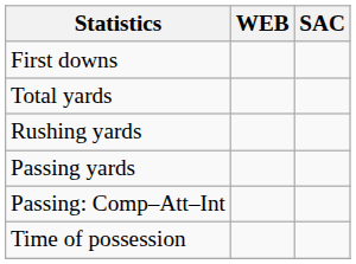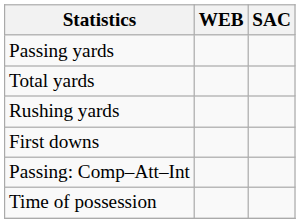 <table class="wikitable" style="float: left;">
 <tr>
 <th>Statistics</th>
 <th>WEB</th>
 <th>SAC</th>
 </tr>
 <tr>
-<td>First downs</td>
+<td>Passing yards</td>
 <td></td>
 <td></td>
 </tr>
 <tr>
 <td>Total yards</td>
 <td></td>
 <td></td>
 </tr>
 <tr>
 <td>Rushing yards</td>
 <td></td>
 <td></td>
 </tr>
 <tr>
-<td>Passing yards</td>
+<td>First downs</td>
 <td></td>
 <td></td>
 </tr>
 <tr>
 <td>Passing: Comp–Att–Int</td>
 <td></td>
 <td></td>
 </tr>
 <tr>
 <td>Time of possession</td>
 <td></td>
 <td></td>
 </tr>
 <tr>
 </tr>
 </table>
